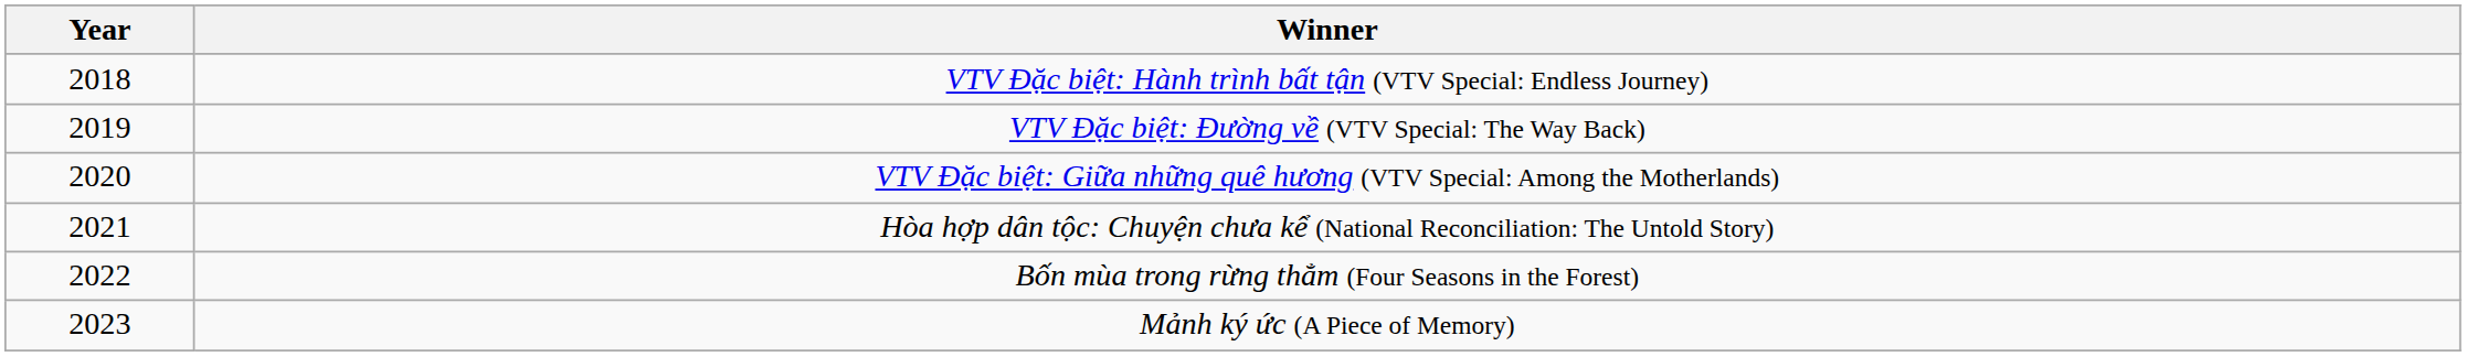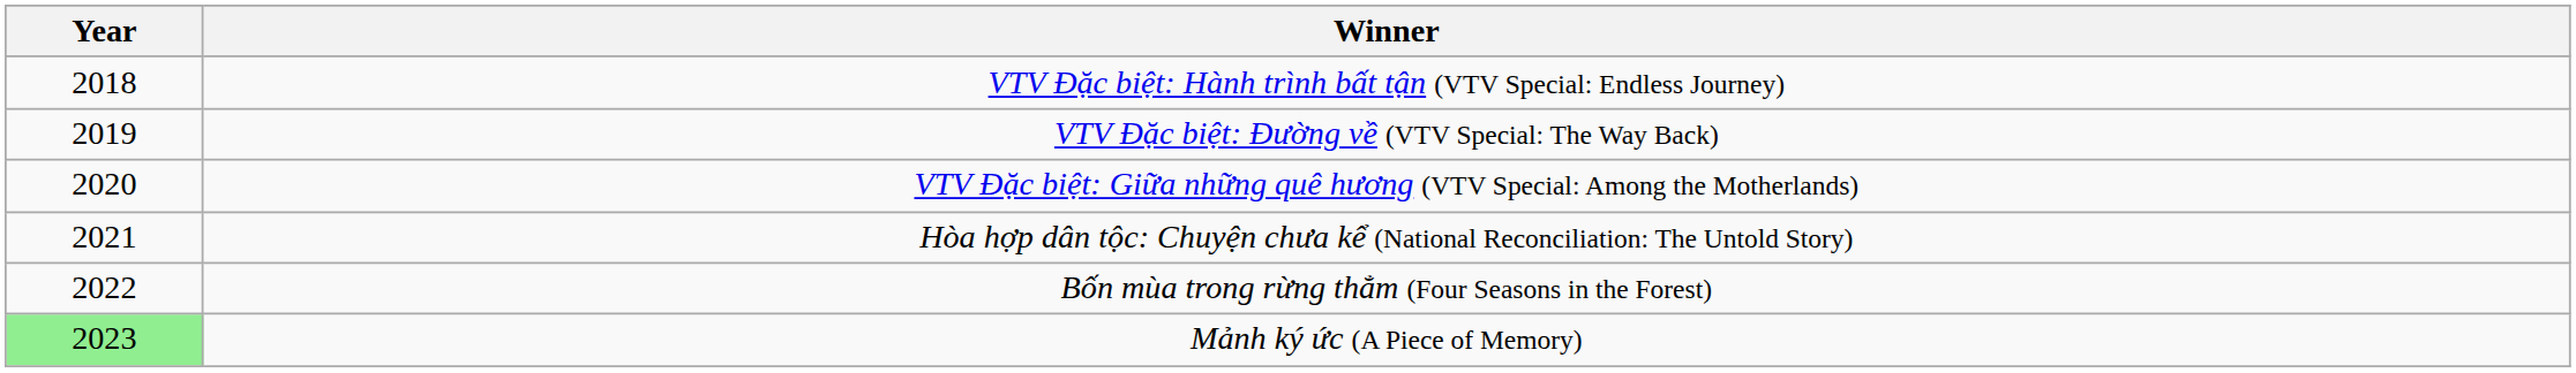 <table class="wikitable" style="text-align: center; width:100%">
 <tr>
 <th>Year</th>
 <th>Winner</th>
 </tr>
 <tr>
 <td>2018</td>
 <td><em><a href='#'>VTV Đặc biệt: Hành trình bất tận</a></em> <small>(VTV Special: Endless Journey)</small></td>
 </tr>
 <tr>
 <td>2019</td>
 <td><em><a href='#'>VTV Đặc biệt: Đường về</a></em> <small>(VTV Special: The Way Back)</small></td>
 </tr>
 <tr>
 <td>2020</td>
 <td><em><a href='#'>VTV Đặc biệt: Giữa những quê hương</a></em> <small>(VTV Special: Among the Motherlands)</small></td>
 </tr>
 <tr>
 <td>2021</td>
 <td><em>Hòa hợp dân tộc: Chuyện chưa kể</em> <small>(National Reconciliation: The Untold Story)</small></td>
 </tr>
 <tr>
 <td>2022</td>
 <td><em>Bốn mùa trong rừng thẳm</em> <small>(Four Seasons in the Forest)</small></td>
 </tr>
 <tr>
-<td>2023</td>
+<td style="background: lightgreen;">2023</td>
 <td><em>Mảnh ký ức</em> <small>(A Piece of Memory)</small></td>
 </tr>
 </table>
